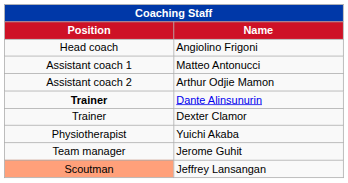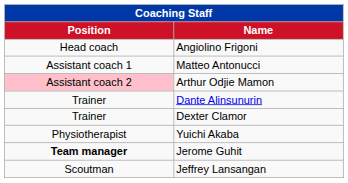 <table class="wikitable" style="font-size:90%">
 <tr>
 <th colspan="5" style="background:#0038A8; color: #FFFFFF; text-align: center">Coaching Staff</th>
 </tr>
 <tr>
 <th style="width:15em; background:#CE1126; color: #FFFFFF;">Position</th>
 <th style="width:15em; background:#CE1126; color: #FFFFFF;">Name</th>
 </tr>
 <tr>
 <td align="center">Head coach</td>
 <td> Angiolino Frigoni</td>
 </tr>
 <tr>
 <td align="center">Assistant coach 1</td>
 <td> Matteo Antonucci</td>
 </tr>
 <tr>
-<td align="center">Assistant coach 2</td>
+<td align="center" style="background: pink;">Assistant coach 2</td>
 <td> Arthur Odjie Mamon</td>
 </tr>
 <tr>
-<td align="center"><strong>Trainer</strong></td>
+<td align="center">Trainer</td>
 <td> <a href='#'>Dante Alinsunurin</a></td>
 </tr>
 <tr>
 <td align="center">Trainer</td>
 <td> Dexter Clamor</td>
 </tr>
 <tr>
 <td align="center">Physiotherapist</td>
 <td> Yuichi Akaba</td>
 </tr>
 <tr>
-<td align="center">Team manager</td>
+<td align="center"><strong>Team manager</strong></td>
 <td> Jerome Guhit</td>
 </tr>
 <tr>
-<td align="center" style="background: lightsalmon;">Scoutman</td>
+<td align="center">Scoutman</td>
 <td> Jeffrey Lansangan</td>
 </tr>
 </table>
